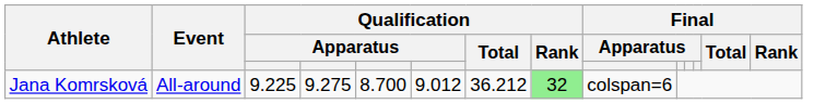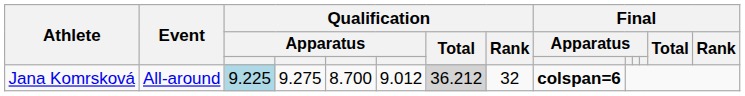 <table class="wikitable" style="font-size:90%">
 <tr>
 <th rowspan=3>Athlete</th>
 <th rowspan=3>Event</th>
 <th colspan=6>Qualification</th>
 <th colspan=6>Final</th>
 </tr>
 <tr style="font-size:95%">
 <th colspan=4>Apparatus</th>
 <th rowspan=2>Total</th>
 <th rowspan=2>Rank</th>
 <th colspan=4>Apparatus</th>
 <th rowspan=2>Total</th>
 <th rowspan=2>Rank</th>
 </tr>
 <tr style="font-size:95%">
 <th></th>
 <th></th>
 <th></th>
 <th></th>
 <th></th>
 <th></th>
 <th></th>
 <th></th>
 </tr>
 <tr align=center>
 <td align=left><a href='#'>Jana Komrsková</a></td>
 <td align=left><a href='#'>All-around</a></td>
-<td>9.225</td>
+<td style="background: lightblue;">9.225</td>
 <td>9.275</td>
 <td>8.700</td>
 <td>9.012</td>
-<td>36.212</td>
-<td style="background: lightgreen;">32</td>
-<td>colspan=6 </td>
+<td style="background: lightgrey;">36.212</td>
+<td>32</td>
+<td><strong>colspan=6 </strong></td>
 </tr>
 </table>
